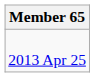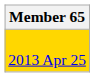 <table class=wikitable align=right>
 <tr>
 <th>Member 65</th>
 </tr>
 <tr>
-<td><br><a href='#'>2013 Apr 25</a></td>
+<td style="background: gold;"><br><a href='#'>2013 Apr 25</a></td>
 </tr>
 </table>
